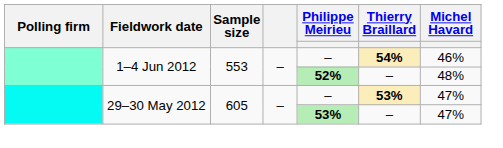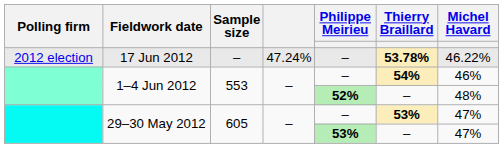 <table class="wikitable sortable" style="text-align:center;font-size:90%;line-height:14px;">
 <tr style="height:40px;">
 <th style="width:100px;" rowspan="2">Polling firm</th>
 <th style="width:110px;" rowspan="2">Fieldwork date</th>
 <th style="width:35px;" rowspan="2">Sample<br>size</th>
 <th style="width:30px;" rowspan="2"></th>
 <th class="unsortable" style="width:60px;"><a href='#'>Philippe Meirieu</a><br></th>
 <th class="unsortable" style="width:60px;"><a href='#'>Thierry Braillard</a><br></th>
 <th class="unsortable" style="width:60px;"><a href='#'>Michel Havard</a><br></th>
 </tr>
 <tr>
 <th style="background:"></th>
 <th style="background:"></th>
 <th style="background:"></th>
+</tr>
+<tr style="background:#E9E9E9;">
+<td><a href='#'>2012 election</a></td>
+<td data-sort-value="2012-06-17">17 Jun 2012</td>
+<td>–</td>
+<td>47.24%</td>
+<td>–</td>
+<td style="background:#FBEEBA;"><strong>53.78%</strong></td>
+<td>46.22%</td>
 </tr>
 <tr>
 <td rowspan="2" style="background:aquamarine;"></td>
 <td rowspan="2" data-sort-value="2012-06-04">1–4 Jun 2012</td>
 <td rowspan="2">553</td>
 <td rowspan="2">–</td>
 <td>–</td>
 <td style="background:#FBEEBA;"><strong>54%</strong></td>
 <td>46%</td>
 </tr>
 <tr>
 <td style="background:#B6EDB6;"><strong>52%</strong></td>
 <td>–</td>
 <td>48%</td>
 </tr>
 <tr>
 <td rowspan="2" style="background:#04FBF4;"></td>
 <td rowspan="2" data-sort-value="2012-05-30">29–30 May 2012</td>
 <td rowspan="2">605</td>
 <td rowspan="2">–</td>
 <td>–</td>
 <td style="background:#FBEEBA;"><strong>53%</strong></td>
 <td>47%</td>
 </tr>
 <tr>
 <td style="background:#B6EDB6;"><strong>53%</strong></td>
 <td>–</td>
 <td>47%</td>
 </tr>
 </table>
